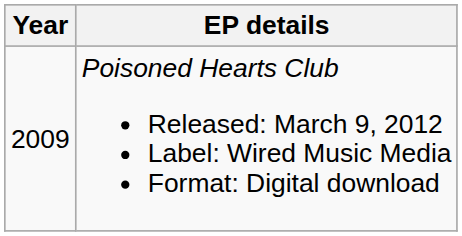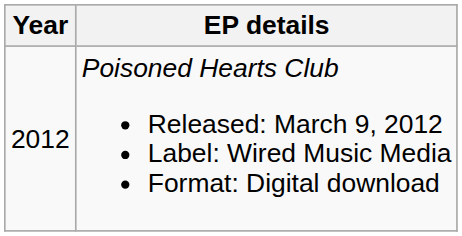 <table class="wikitable">
 <tr>
 <th>Year</th>
 <th>EP details</th>
 </tr>
 <tr>
-<td align="center">2009</td>
+<td align="center">2012</td>
 <td><em>Poisoned Hearts Club</em><br><ul><li>Released: March 9, 2012</li><li>Label: Wired Music Media</li><li>Format: Digital download</li></ul></td>
 </tr>
 </table>
